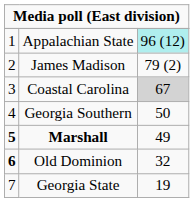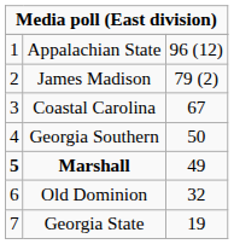 <table class="wikitable" style="display: inline-table;">
 <tr>
 <td align="center" Colspan="3"><strong>Media poll (East division)</strong></td>
 </tr>
 <tr align="center">
 </tr>
 <tr align="center">
 <td>1</td>
 <td>Appalachian State</td>
-<td style="background: paleturquoise;">96 (12)</td>
+<td>96 (12)</td>
 </tr>
 <tr align="center">
 <td>2</td>
 <td>James Madison</td>
 <td>79 (2)</td>
 </tr>
 <tr align="center">
 <td>3</td>
 <td>Coastal Carolina</td>
-<td style="background: lightgrey;">67</td>
+<td>67</td>
 </tr>
 <tr align="center">
 <td>4</td>
 <td>Georgia Southern</td>
 <td>50</td>
 </tr>
 <tr align="center">
 <td><strong>5</strong></td>
 <td><strong>Marshall</strong></td>
 <td>49</td>
 </tr>
 <tr align="center">
-<td><strong>6</strong></td>
+<td>6</td>
 <td>Old Dominion</td>
 <td>32</td>
 </tr>
 <tr align="center">
 <td>7</td>
 <td>Georgia State</td>
 <td>19</td>
 </tr>
 </table>
